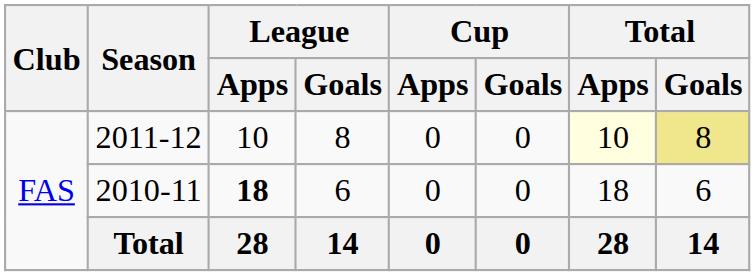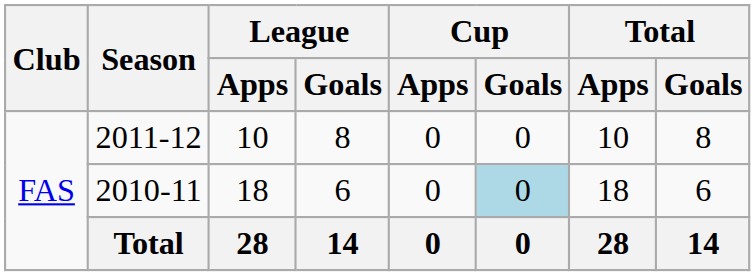 <table class="wikitable" style="font-size:95%; text-align: center;">
 <tr>
 <th rowspan="2">Club</th>
 <th rowspan="2">Season</th>
 <th colspan="2">League</th>
 <th colspan="2">Cup</th>
 <th colspan="2">Total</th>
 </tr>
 <tr>
 <th>Apps</th>
 <th>Goals</th>
 <th>Apps</th>
 <th>Goals</th>
 <th>Apps</th>
 <th>Goals</th>
 </tr>
 <tr>
 <td rowspan="3"><a href='#'>FAS</a></td>
 <td>2011-12</td>
 <td>10</td>
 <td>8</td>
 <td>0</td>
 <td>0</td>
-<td style="background: lightyellow;">10</td>
-<td style="background: khaki;">8</td>
+<td>10</td>
+<td>8</td>
 </tr>
 <tr>
 <td>2010-11</td>
-<td><strong>18</strong></td>
+<td>18</td>
 <td>6</td>
 <td>0</td>
-<td>0</td>
+<td style="background: lightblue;">0</td>
 <td>18</td>
 <td>6</td>
 </tr>
 <tr>
 <th>Total</th>
 <th>28</th>
 <th>14</th>
 <th>0</th>
 <th>0</th>
 <th>28</th>
 <th>14</th>
 </tr>
 </table>
